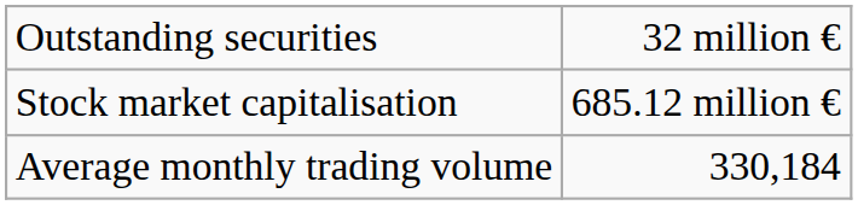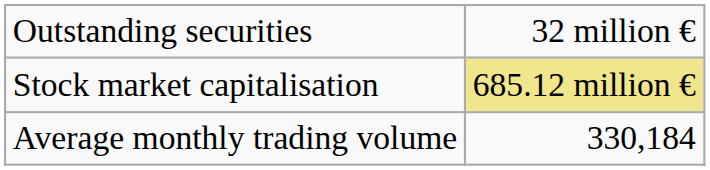 <table class="wikitable">
 <tr>
 <td>Outstanding securities</td>
 <td style="text-align:right;">32 million €</td>
 </tr>
 <tr>
 <td>Stock market capitalisation</td>
-<td style="text-align:right;">685.12 million €</td>
+<td style="background: khaki; text-align:right;">685.12 million €</td>
 </tr>
 <tr>
 <td>Average monthly trading volume</td>
 <td style="text-align:right;">330,184</td>
 </tr>
 </table>
